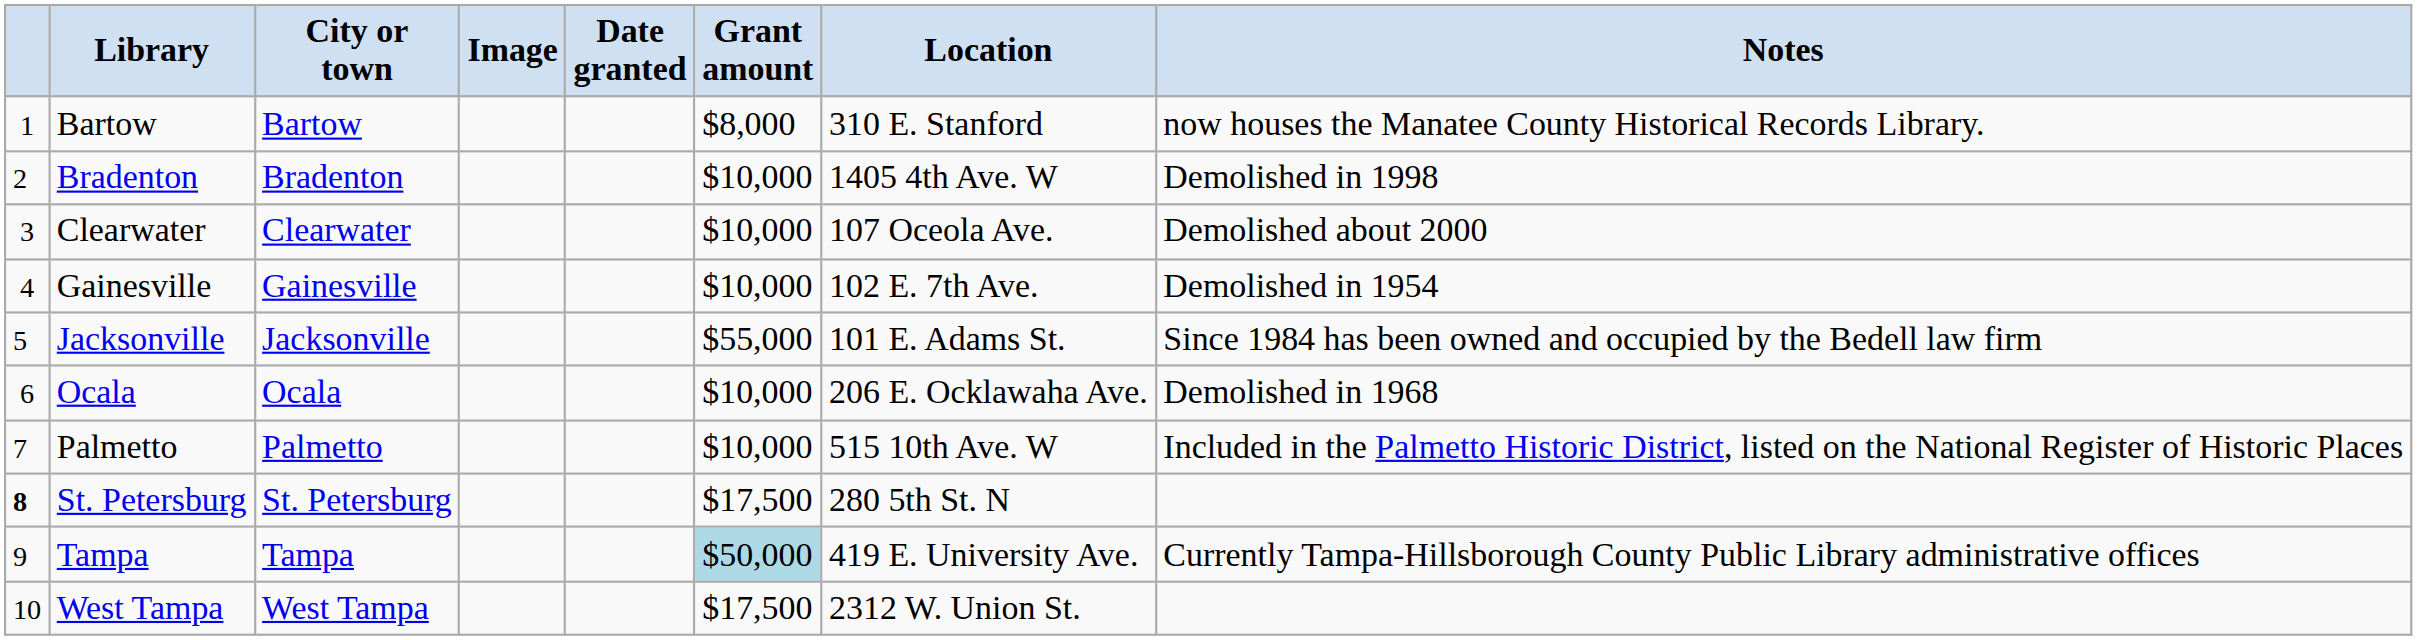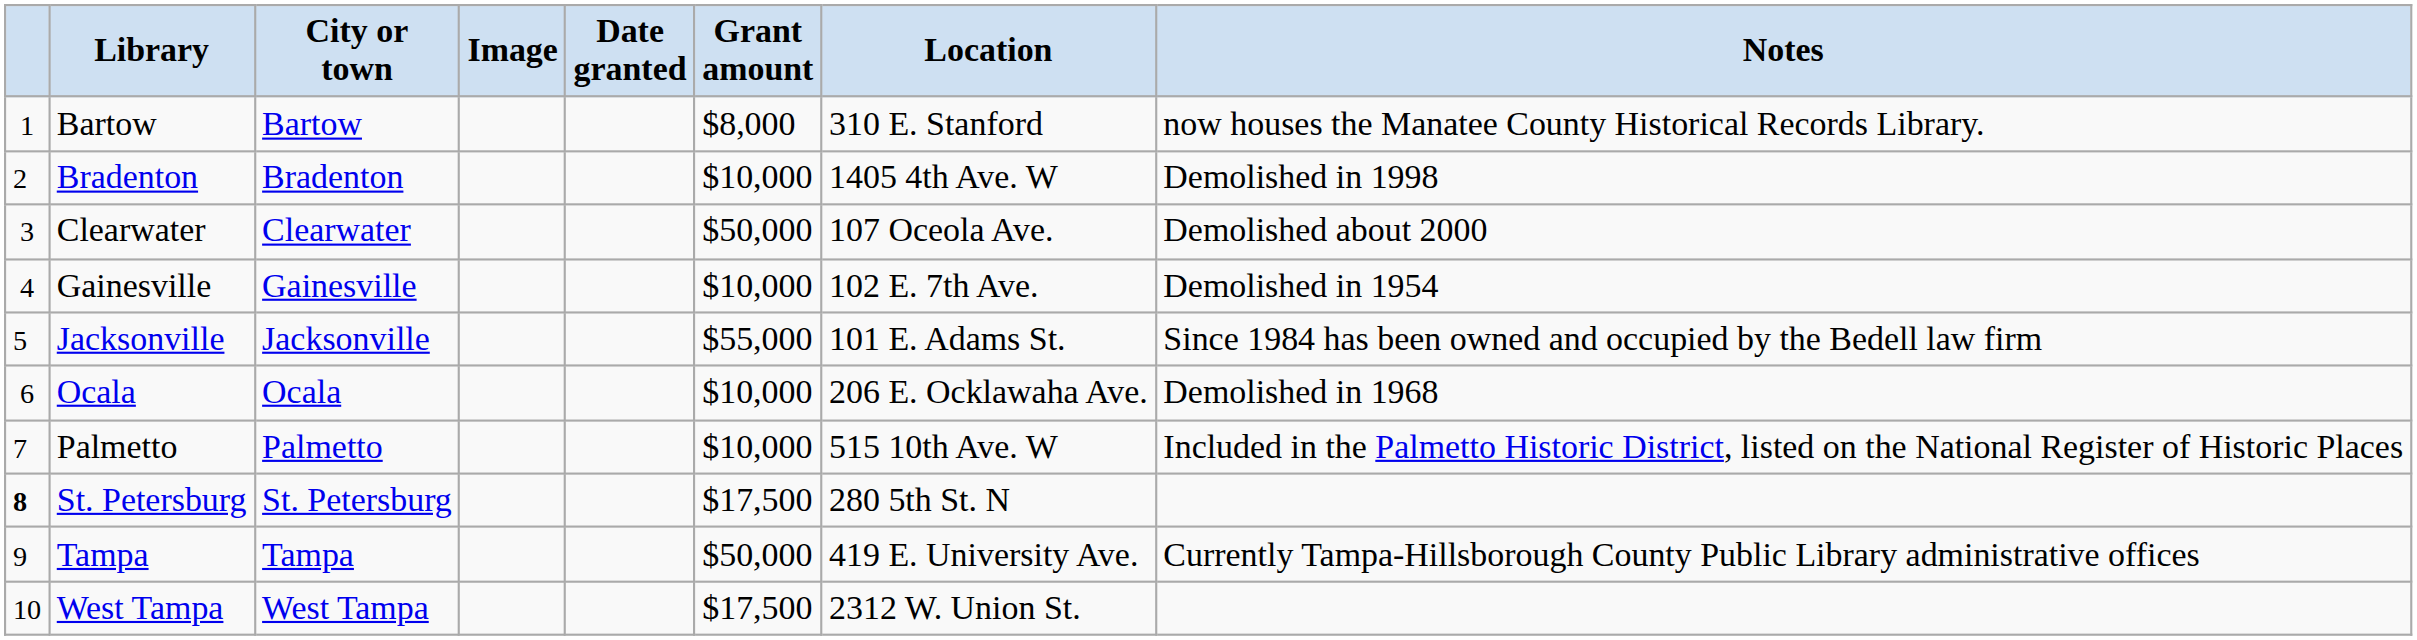 <table class="wikitable sortable" align=center>
 <tr>
 <th style="background:#cee0f2;"></th>
 <th style="background:#cee0f2;"><strong>Library</strong></th>
 <th style="background:#cee0f2;"><strong>City or<br>town</strong></th>
 <th style="background:#cee0f2;" class="unsortable"><strong>Image</strong></th>
 <th style="background:#cee0f2;"><strong>Date<br>granted</strong></th>
 <th style="background:#cee0f2;"><strong>Grant<br>amount</strong></th>
 <th style="background:#cee0f2;"><strong>Location</strong></th>
 <th style="background:#cee0f2;" class="unsortable"><strong>Notes</strong></th>
 </tr>
 <tr>
 <td align=center><small>1</small></td>
 <td>Bartow</td>
 <td><a href='#'>Bartow</a></td>
 <td></td>
 <td></td>
 <td>$8,000</td>
 <td>310 E. Stanford</td>
 <td>now houses the Manatee County Historical Records Library.</td>
 </tr>
 <tr>
 <td><small>2</small></td>
 <td><a href='#'>Bradenton</a></td>
 <td><a href='#'>Bradenton</a></td>
 <td></td>
 <td></td>
 <td>$10,000</td>
 <td>1405 4th Ave. W</td>
 <td>Demolished in 1998</td>
 </tr>
 <tr>
 <td align=center><small>3</small></td>
 <td>Clearwater</td>
 <td><a href='#'>Clearwater</a></td>
 <td></td>
 <td></td>
-<td>$10,000</td>
+<td>$50,000</td>
 <td>107 Oceola Ave.</td>
 <td>Demolished about 2000</td>
 </tr>
 <tr>
 <td align=center><small>4</small></td>
 <td>Gainesville</td>
 <td><a href='#'>Gainesville</a></td>
 <td></td>
 <td></td>
 <td>$10,000</td>
 <td>102 E. 7th Ave.</td>
 <td>Demolished in 1954</td>
 </tr>
 <tr>
 <td><small>5</small></td>
 <td><a href='#'>Jacksonville</a></td>
 <td><a href='#'>Jacksonville</a></td>
 <td></td>
 <td></td>
 <td>$55,000</td>
 <td>101 E. Adams St.</td>
 <td>Since 1984 has been owned and occupied by the Bedell law firm</td>
 </tr>
 <tr>
 <td align=center><small>6</small></td>
 <td><a href='#'>Ocala</a></td>
 <td><a href='#'>Ocala</a></td>
 <td></td>
 <td></td>
 <td>$10,000</td>
 <td>206 E. Ocklawaha Ave.</td>
 <td>Demolished in 1968</td>
 </tr>
 <tr>
 <td><small>7</small></td>
 <td>Palmetto</td>
 <td><a href='#'>Palmetto</a></td>
 <td></td>
 <td></td>
 <td>$10,000</td>
 <td>515 10th Ave. W</td>
 <td>Included in the <a href='#'>Palmetto Historic District</a>, listed on the National Register of Historic Places</td>
 </tr>
 <tr>
 <td><strong><small>8</small></strong></td>
 <td><a href='#'>St. Petersburg</a></td>
 <td><a href='#'>St. Petersburg</a></td>
 <td></td>
 <td></td>
 <td>$17,500</td>
 <td>280 5th St. N</td>
 <td></td>
 </tr>
 <tr>
 <td><small>9</small></td>
 <td><a href='#'>Tampa</a></td>
 <td><a href='#'>Tampa</a></td>
 <td></td>
 <td></td>
-<td style="background: lightblue;">$50,000</td>
+<td>$50,000</td>
 <td>419 E. University Ave.</td>
 <td>Currently Tampa-Hillsborough County Public Library administrative offices</td>
 </tr>
 <tr>
 <td><small>10</small></td>
 <td><a href='#'>West Tampa</a></td>
 <td><a href='#'>West Tampa</a></td>
 <td></td>
 <td></td>
 <td>$17,500</td>
 <td>2312 W. Union St.</td>
 <td></td>
 </tr>
 </table>
